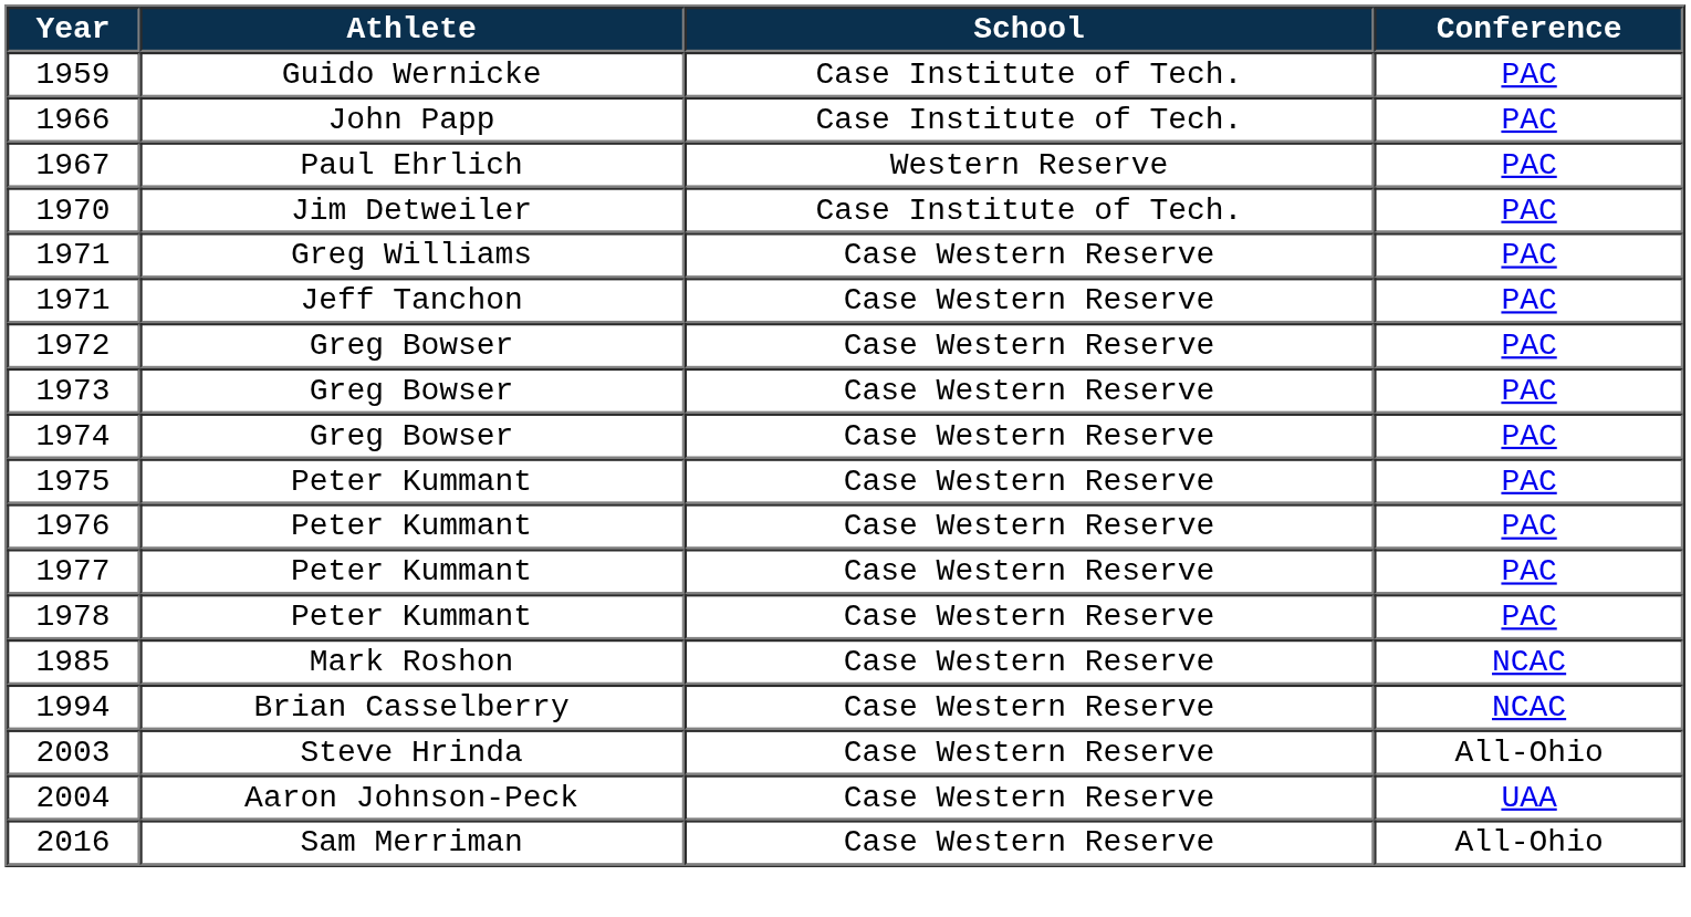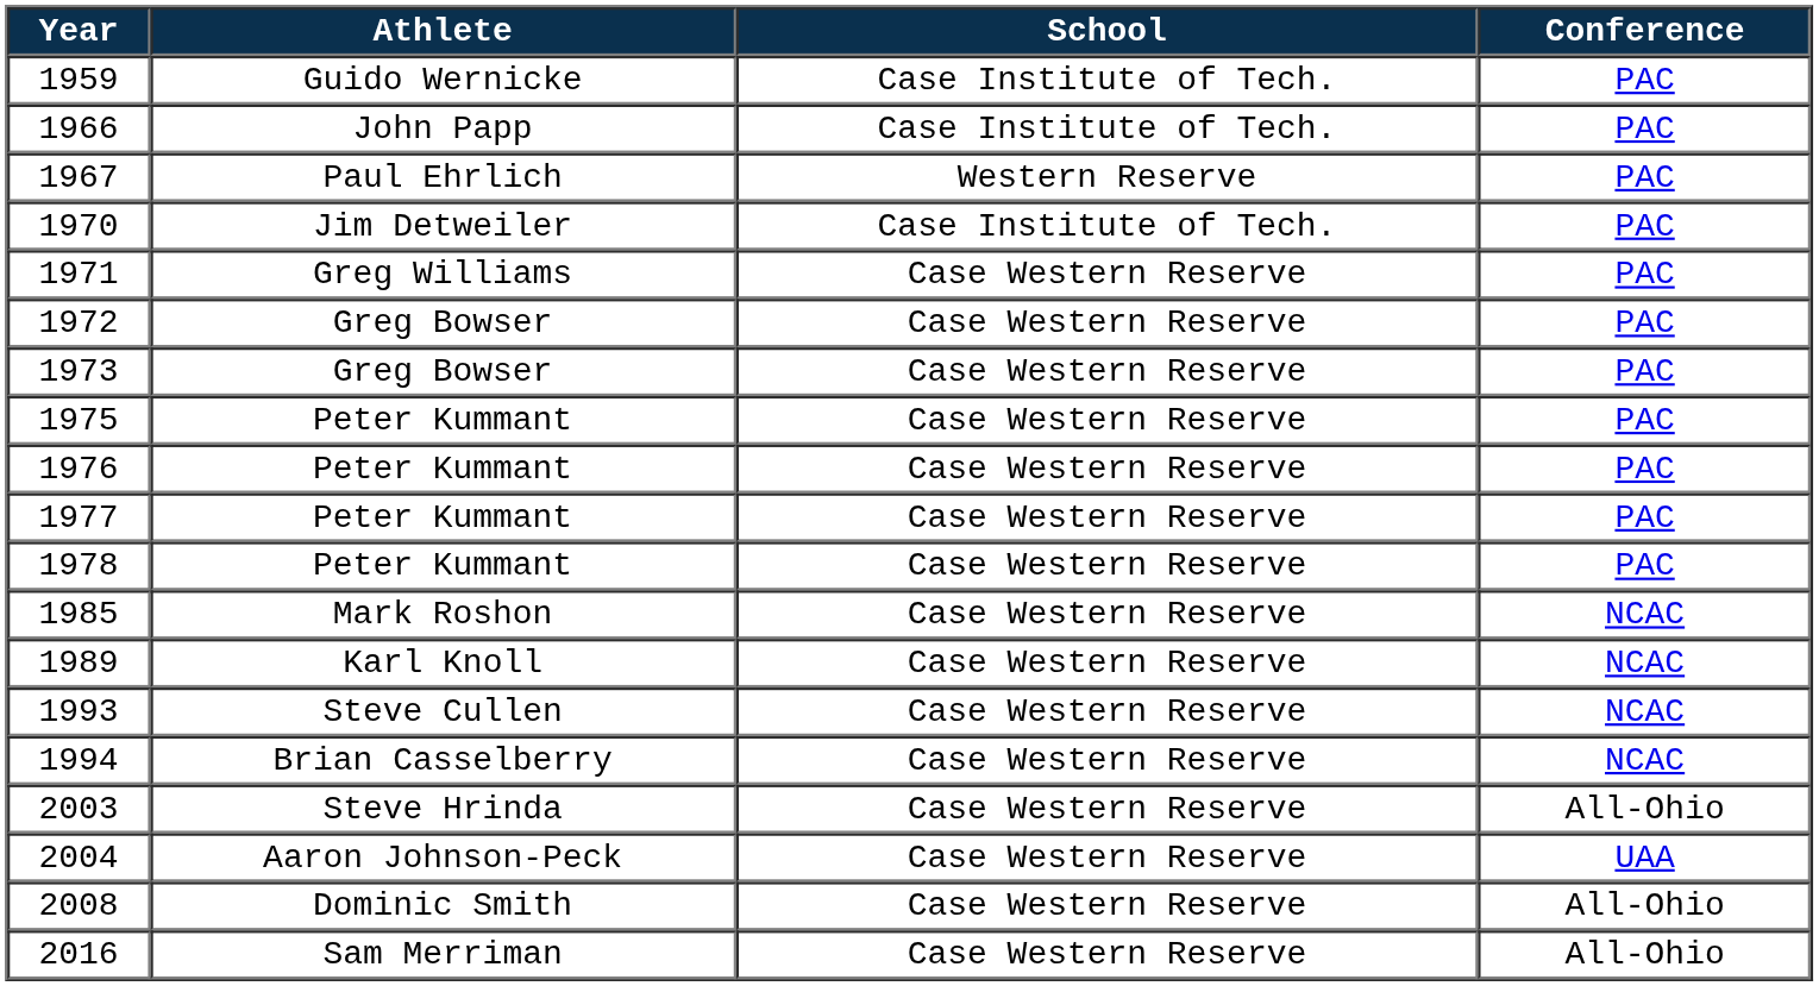 <table bcellpadding="1" border="1" cellspacing="0" style="width:80%;"valign="top">
 <tr>
 <th - style="background:#0A304E; color:white">Year</th>
 <th - style="background:#0A304E; color:white">Athlete</th>
 <th - style="background:#0A304E; color:white">School</th>
 <th - style="background:#0A304E; color:white">Conference</th>
 </tr>
 <tr style="text-align:center;">
 <td>1959</td>
 <td>Guido Wernicke</td>
 <td>Case Institute of Tech.</td>
 <td><a href='#'>PAC</a></td>
 </tr>
 <tr style="text-align:center;">
 <td>1966</td>
 <td>John Papp</td>
 <td>Case Institute of Tech.</td>
 <td><a href='#'>PAC</a></td>
 </tr>
 <tr style="text-align:center;">
 <td>1967</td>
 <td>Paul Ehrlich</td>
 <td>Western Reserve</td>
 <td><a href='#'>PAC</a></td>
 </tr>
 <tr style="text-align:center;">
 <td>1970</td>
 <td>Jim Detweiler</td>
 <td>Case Institute of Tech.</td>
 <td><a href='#'>PAC</a></td>
 </tr>
 <tr style="text-align:center;">
 <td>1971</td>
 <td>Greg Williams</td>
 <td>Case Western Reserve</td>
 <td><a href='#'>PAC</a></td>
 </tr>
 <tr style="text-align:center;">
-<td>1971</td>
-<td>Jeff Tanchon</td>
-<td>Case Western Reserve</td>
-<td><a href='#'>PAC</a></td>
-</tr>
-<tr style="text-align:center;">
 <td>1972</td>
 <td>Greg Bowser</td>
 <td>Case Western Reserve</td>
 <td><a href='#'>PAC</a></td>
 </tr>
 <tr style="text-align:center;">
 <td>1973</td>
-<td>Greg Bowser</td>
-<td>Case Western Reserve</td>
-<td><a href='#'>PAC</a></td>
-</tr>
-<tr style="text-align:center;">
-<td>1974</td>
 <td>Greg Bowser</td>
 <td>Case Western Reserve</td>
 <td><a href='#'>PAC</a></td>
 </tr>
 <tr style="text-align:center;">
 <td>1975</td>
 <td>Peter Kummant</td>
 <td>Case Western Reserve</td>
 <td><a href='#'>PAC</a></td>
 </tr>
 <tr style="text-align:center;">
 <td>1976</td>
 <td>Peter Kummant</td>
 <td>Case Western Reserve</td>
 <td><a href='#'>PAC</a></td>
 </tr>
 <tr style="text-align:center;">
 <td>1977</td>
 <td>Peter Kummant</td>
 <td>Case Western Reserve</td>
 <td><a href='#'>PAC</a></td>
 </tr>
 <tr style="text-align:center;">
 <td>1978</td>
 <td>Peter Kummant</td>
 <td>Case Western Reserve</td>
 <td><a href='#'>PAC</a></td>
 </tr>
 <tr style="text-align:center;">
 <td>1985</td>
 <td>Mark Roshon</td>
 <td>Case Western Reserve</td>
 <td><a href='#'>NCAC</a></td>
 </tr>
 <tr style="text-align:center;">
+<td>1989</td>
+<td>Karl Knoll</td>
+<td>Case Western Reserve</td>
+<td><a href='#'>NCAC</a></td>
+</tr>
+<tr style="text-align:center;">
+<td>1993</td>
+<td>Steve Cullen</td>
+<td>Case Western Reserve</td>
+<td><a href='#'>NCAC</a></td>
+</tr>
+<tr style="text-align:center;">
 <td>1994</td>
 <td>Brian Casselberry</td>
 <td>Case Western Reserve</td>
 <td><a href='#'>NCAC</a></td>
 </tr>
 <tr style="text-align:center;">
 <td>2003</td>
 <td>Steve Hrinda</td>
 <td>Case Western Reserve</td>
 <td>All-Ohio</td>
 </tr>
 <tr style="text-align:center;">
 <td>2004</td>
 <td>Aaron Johnson-Peck</td>
 <td>Case Western Reserve</td>
 <td><a href='#'>UAA</a></td>
 </tr>
 <tr style="text-align:center;">
+<td>2008</td>
+<td>Dominic Smith</td>
+<td>Case Western Reserve</td>
+<td>All-Ohio</td>
+</tr>
+<tr style="text-align:center;">
 <td>2016</td>
 <td>Sam Merriman</td>
 <td>Case Western Reserve</td>
 <td>All-Ohio</td>
 </tr>
 <tr style="text-align:center;">
 </tr>
 </table>
